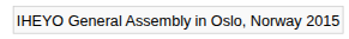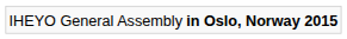 <table style="float:right; clear:right; margin: 10px; border: 1px #CCCCCC solid; background:#F9F9F9">
 <tr>
 <td align="center"></td>
 <td align="center"></td>
 </tr>
 <tr>
 <td align=right>IHEYO General Assembly</td>
-<td align=left>in Oslo, Norway 2015</td>
+<td align=left><strong>in Oslo, Norway 2015</strong></td>
 </tr>
 </table>
